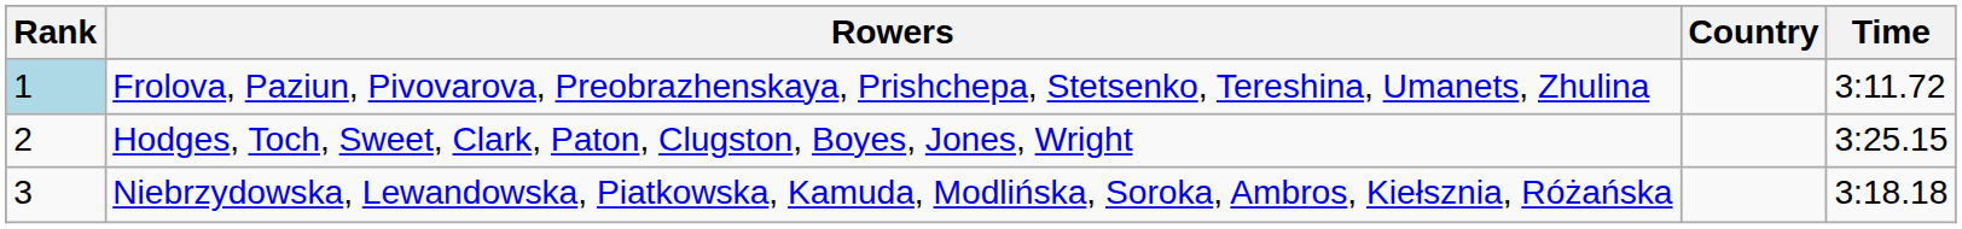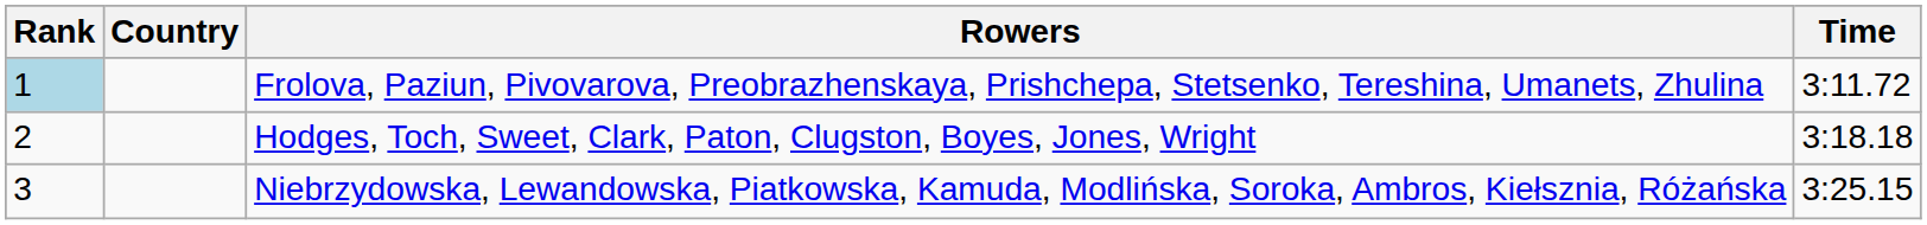 <table class="wikitable">
 <tr>
 <th>Rank</th>
+<th>Country</th>
 <th>Rowers</th>
-<th>Country</th>
 <th>Time</th>
 </tr>
 <tr>
 <td style="background: lightblue;">1</td>
+<td></td>
 <td><a href='#'>Frolova</a>, <a href='#'>Paziun</a>, <a href='#'>Pivovarova</a>, <a href='#'>Preobrazhenskaya</a>, <a href='#'>Prishchepa</a>, <a href='#'>Stetsenko</a>, <a href='#'>Tereshina</a>, <a href='#'>Umanets</a>, <a href='#'>Zhulina</a></td>
-<td></td>
 <td>3:11.72</td>
 </tr>
 <tr>
 <td>2</td>
+<td></td>
 <td><a href='#'>Hodges</a>, <a href='#'>Toch</a>, <a href='#'>Sweet</a>, <a href='#'>Clark</a>, <a href='#'>Paton</a>, <a href='#'>Clugston</a>, <a href='#'>Boyes</a>, <a href='#'>Jones</a>, <a href='#'>Wright</a></td>
-<td></td>
-<td>3:25.15</td>
+<td>3:18.18</td>
 </tr>
 <tr>
 <td>3</td>
+<td></td>
 <td><a href='#'>Niebrzydowska</a>, <a href='#'>Lewandowska</a>, <a href='#'>Piatkowska</a>, <a href='#'>Kamuda</a>, <a href='#'>Modlińska</a>, <a href='#'>Soroka</a>, <a href='#'>Ambros</a>, <a href='#'>Kiełsznia</a>, <a href='#'>Różańska</a></td>
-<td></td>
-<td>3:18.18</td>
+<td>3:25.15</td>
 </tr>
 </table>
